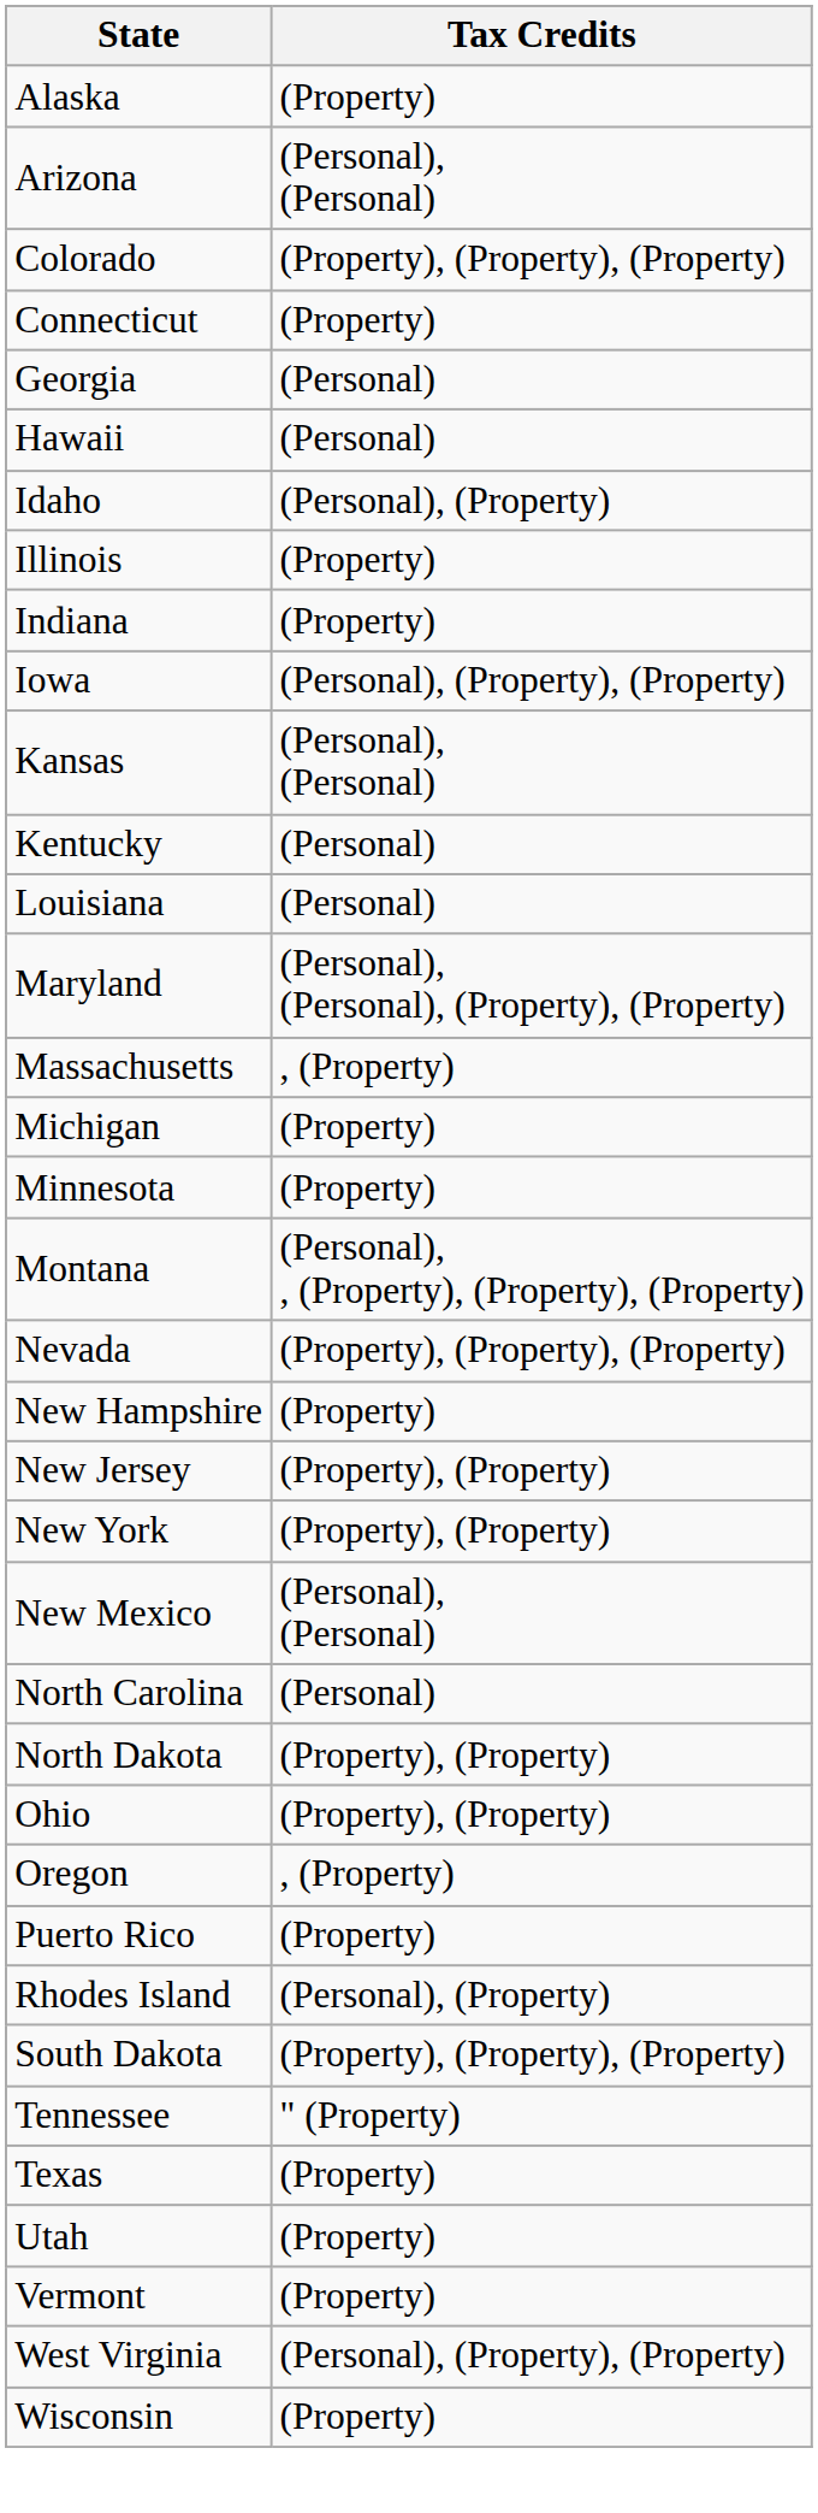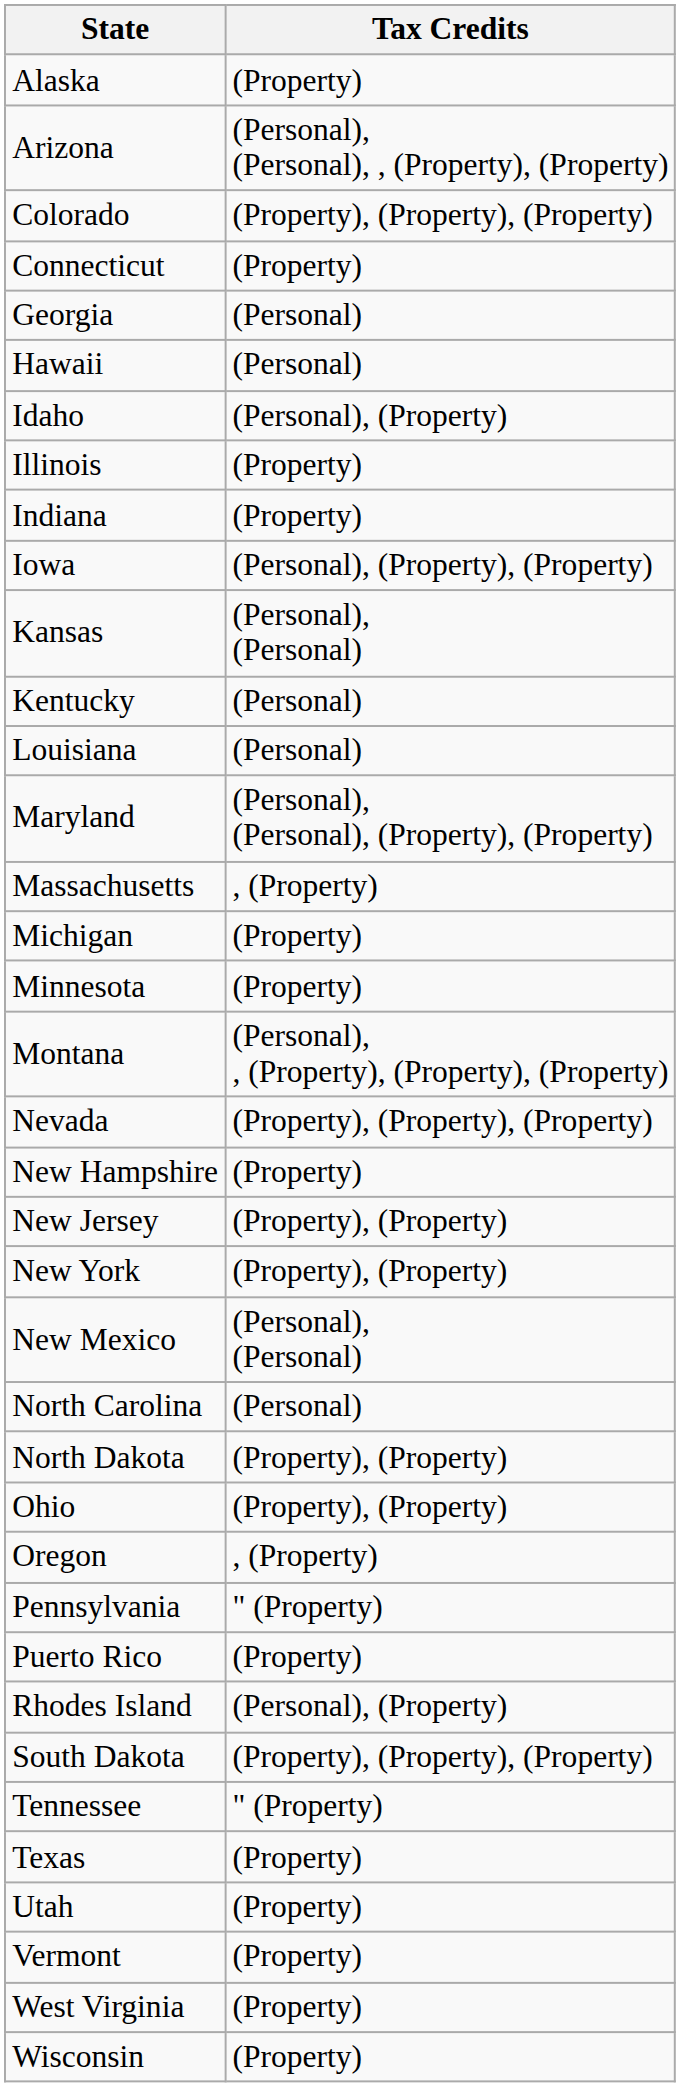 <table class="wikitable">
 <tr>
 <th>State</th>
 <th>Tax Credits</th>
 </tr>
 <tr>
 <td>Alaska</td>
 <td> (Property)</td>
 </tr>
 <tr>
 <td>Arizona</td>
-<td> (Personal),<br> (Personal)</td>
+<td> (Personal),<br> (Personal), ,  (Property),  (Property)</td>
 </tr>
 <tr>
 <td>Colorado</td>
 <td> (Property),  (Property),  (Property)</td>
 </tr>
 <tr>
 <td>Connecticut</td>
 <td> (Property)</td>
 </tr>
 <tr>
 <td>Georgia</td>
 <td> (Personal)</td>
 </tr>
 <tr>
 <td>Hawaii</td>
 <td> (Personal)</td>
 </tr>
 <tr>
 <td>Idaho</td>
 <td> (Personal),  (Property)</td>
 </tr>
 <tr>
 <td>Illinois</td>
 <td> (Property)</td>
 </tr>
 <tr>
 <td>Indiana</td>
 <td> (Property)</td>
 </tr>
 <tr>
 <td>Iowa</td>
 <td> (Personal),  (Property),  (Property)</td>
 </tr>
 <tr>
 <td>Kansas</td>
 <td> (Personal),<br> (Personal)</td>
 </tr>
 <tr>
 <td>Kentucky</td>
 <td> (Personal)</td>
 </tr>
 <tr>
 <td>Louisiana</td>
 <td> (Personal)</td>
 </tr>
 <tr>
 <td>Maryland</td>
 <td> (Personal),<br> (Personal),  (Property),  (Property)</td>
 </tr>
 <tr>
 <td>Massachusetts</td>
 <td>,  (Property)</td>
 </tr>
 <tr>
 <td>Michigan</td>
 <td> (Property)</td>
 </tr>
 <tr>
 <td>Minnesota</td>
 <td> (Property)</td>
 </tr>
 <tr>
 <td>Montana</td>
 <td> (Personal),<br>,  (Property),  (Property),  (Property)</td>
 </tr>
 <tr>
 <td>Nevada</td>
 <td> (Property),  (Property),  (Property)</td>
 </tr>
 <tr>
 <td>New Hampshire</td>
 <td> (Property)</td>
 </tr>
 <tr>
 <td>New Jersey</td>
 <td> (Property),  (Property)</td>
 </tr>
 <tr>
 <td>New York</td>
 <td> (Property),  (Property)</td>
 </tr>
 <tr>
 <td>New Mexico</td>
 <td> (Personal),<br> (Personal)</td>
 </tr>
 <tr>
 <td>North Carolina</td>
 <td> (Personal)</td>
 </tr>
 <tr>
 <td>North Dakota</td>
 <td> (Property),  (Property)</td>
 </tr>
 <tr>
 <td>Ohio</td>
 <td> (Property),  (Property)</td>
 </tr>
 <tr>
 <td>Oregon</td>
 <td>,  (Property)</td>
 </tr>
 <tr>
+<td>Pennsylvania</td>
+<td>" (Property)</td>
+</tr>
+<tr>
 <td>Puerto Rico</td>
 <td> (Property)</td>
 </tr>
 <tr>
 <td>Rhodes Island</td>
 <td> (Personal),  (Property)</td>
 </tr>
 <tr>
 <td>South Dakota</td>
 <td> (Property),  (Property),  (Property)</td>
 </tr>
 <tr>
 <td>Tennessee</td>
 <td>" (Property)</td>
 </tr>
 <tr>
 <td>Texas</td>
 <td> (Property)</td>
 </tr>
 <tr>
 <td>Utah</td>
 <td> (Property)</td>
 </tr>
 <tr>
 <td>Vermont</td>
 <td> (Property)</td>
 </tr>
 <tr>
 <td>West Virginia</td>
-<td> (Personal),  (Property),  (Property)</td>
+<td> (Property)</td>
 </tr>
 <tr>
 <td>Wisconsin</td>
 <td> (Property)</td>
 </tr>
 </table>
